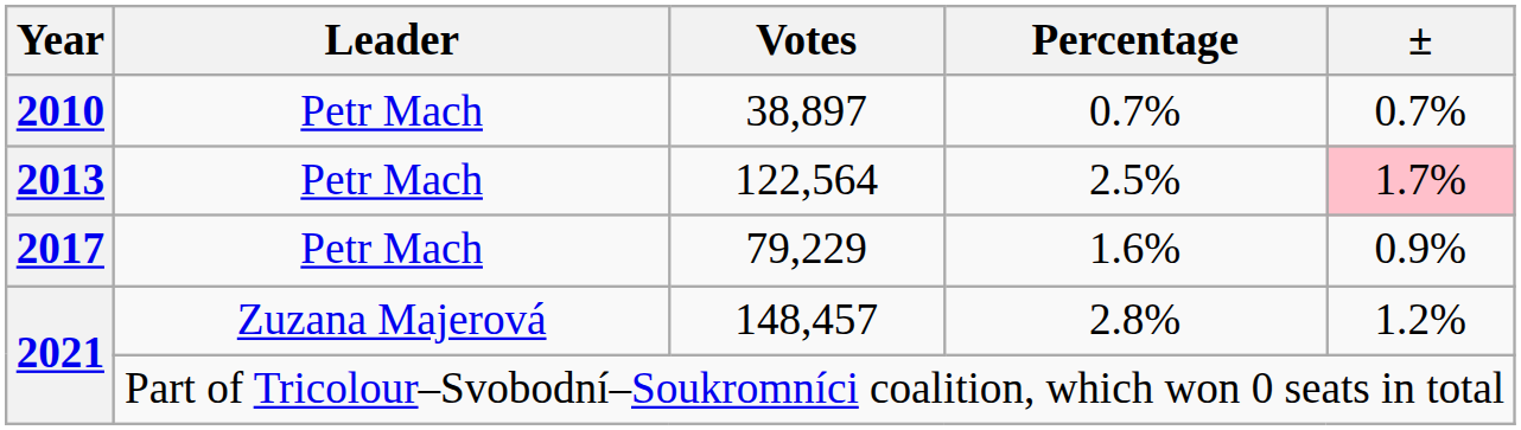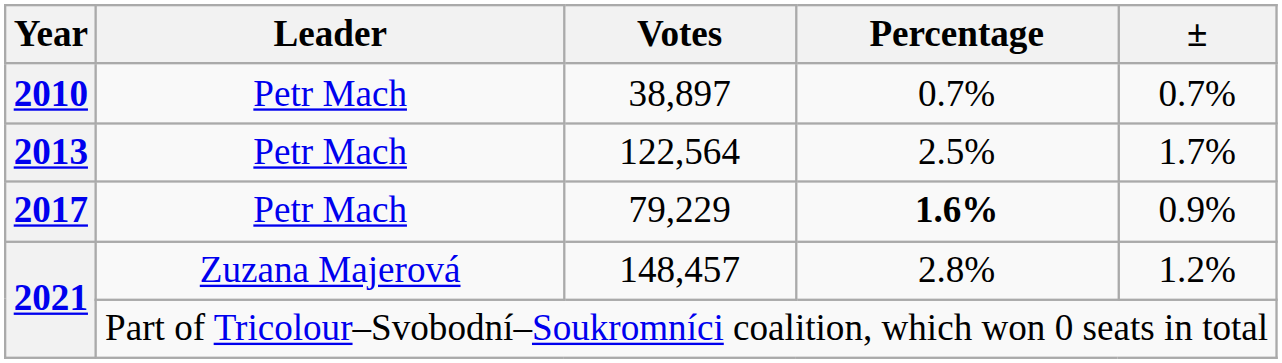 <table class="wikitable" style="text-align: center">
 <tr>
 <th>Year</th>
 <th>Leader</th>
 <th>Votes</th>
 <th>Percentage</th>
 <th>±</th>
 </tr>
 <tr>
 <th><a href='#'>2010</a></th>
 <td><a href='#'>Petr Mach</a></td>
 <td>38,897</td>
 <td>0.7%</td>
 <td> 0.7%</td>
 </tr>
 <tr>
 <th><a href='#'>2013</a></th>
 <td><a href='#'>Petr Mach</a></td>
 <td>122,564</td>
 <td>2.5%</td>
-<td style="background: pink;"> 1.7%</td>
+<td> 1.7%</td>
 </tr>
 <tr>
 <th><a href='#'>2017</a></th>
 <td><a href='#'>Petr Mach</a></td>
 <td>79,229</td>
-<td>1.6%</td>
+<td><strong>1.6%</strong></td>
 <td> 0.9%</td>
 </tr>
 <tr>
 <th rowspan=2><a href='#'>2021</a></th>
 <td><a href='#'>Zuzana Majerová</a></td>
 <td>148,457</td>
 <td>2.8%</td>
 <td> 1.2%</td>
 </tr>
 <tr>
 <td colspan=4>Part of <a href='#'>Tricolour</a>–Svobodní–<a href='#'>Soukromníci</a> coalition, which won 0 seats in total</td>
 </tr>
 </table>
